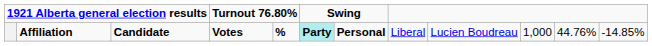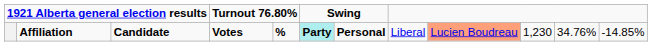 <table class="wikitable">
 <tr>
 <td colspan="3" align=center><strong><a href='#'>1921 Alberta general election</a> results</strong></td>
 <td colspan="2"><strong>Turnout 76.80%</strong></td>
 <td colspan="2" align=center><strong>Swing</strong></td>
 </tr>
 <tr>
 <th style="width: 10px;"></th>
 <td><strong>Affiliation</strong></td>
 <td><strong>Candidate</strong></td>
 <td><strong>Votes</strong></td>
 <td><strong>%</strong></td>
 <td style="background: paleturquoise;"><strong>Party</strong></td>
 <td><strong>Personal</strong><br> </td>
 <td><a href='#'>Liberal</a></td>
-<td><a href='#'>Lucien Boudreau</a></td>
-<td>1,000</td>
-<td>44.76%</td>
+<td style="background: lightsalmon;"><a href='#'>Lucien Boudreau</a></td>
+<td>1,230</td>
+<td>34.76%</td>
 <td colspan=2 align=center>-14.85%<br>   </td>
 </tr>
 </table>
